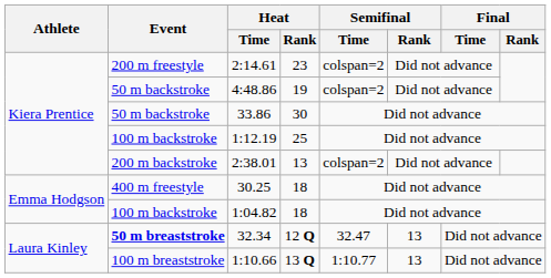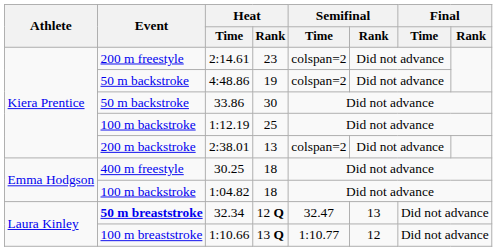 <table class=wikitable style=font-size:90%>
 <tr>
 <th rowspan=2>Athlete</th>
 <th rowspan=2>Event</th>
 <th colspan=2>Heat</th>
 <th colspan=2>Semifinal</th>
 <th colspan=2>Final</th>
 </tr>
 <tr style=font-size:95%>
 <th>Time</th>
 <th>Rank</th>
 <th>Time</th>
 <th>Rank</th>
 <th>Time</th>
 <th>Rank</th>
 </tr>
 <tr align=center>
 <td align=left rowspan=5><a href='#'>Kiera Prentice</a></td>
 <td align=left rowspan="1"><a href='#'>200 m freestyle</a></td>
 <td>2:14.61</td>
 <td>23</td>
 <td>colspan=2 </td>
 <td colspan=2>Did not advance</td>
 </tr>
 <tr align=center>
 <td align=left rowspan="1"><a href='#'>50 m backstroke</a></td>
 <td>4:48.86</td>
 <td>19</td>
 <td>colspan=2 </td>
 <td colspan=2>Did not advance</td>
 </tr>
 <tr align=center>
 <td align=left rowspan="1"><a href='#'>50 m backstroke</a></td>
 <td>33.86</td>
 <td>30</td>
 <td colspan=4>Did not advance</td>
 </tr>
 <tr align=center>
 <td align=left rowspan="1"><a href='#'>100 m backstroke</a></td>
 <td>1:12.19</td>
 <td>25</td>
 <td colspan=4>Did not advance</td>
 </tr>
 <tr align=center>
 <td align=left rowspan="1"><a href='#'>200 m backstroke</a></td>
 <td>2:38.01</td>
 <td>13</td>
 <td>colspan=2 </td>
 <td colspan=2>Did not advance</td>
 </tr>
 <tr align=center>
 <td align=left rowspan=2><a href='#'>Emma Hodgson</a></td>
 <td align=left rowspan="1"><a href='#'>400 m freestyle</a></td>
 <td>30.25</td>
 <td>18</td>
 <td colspan=4>Did not advance</td>
 </tr>
 <tr align=center>
 <td align=left rowspan="1"><a href='#'>100 m backstroke</a></td>
 <td>1:04.82</td>
 <td>18</td>
 <td colspan=4>Did not advance</td>
 </tr>
 <tr align=center>
 <td align=left rowspan=2><a href='#'>Laura Kinley</a></td>
 <td align=left rowspan="1"><strong><a href='#'>50 m breaststroke</a></strong></td>
 <td>32.34</td>
 <td>12 <strong>Q</strong></td>
 <td>32.47</td>
 <td>13</td>
 <td colspan=2>Did not advance</td>
 </tr>
 <tr align=center>
 <td align=left rowspan="1"><a href='#'>100 m breaststroke</a></td>
 <td>1:10.66</td>
 <td>13 <strong>Q</strong></td>
 <td>1:10.77</td>
-<td>13</td>
+<td>12</td>
 <td colspan=2>Did not advance</td>
 </tr>
 </table>
